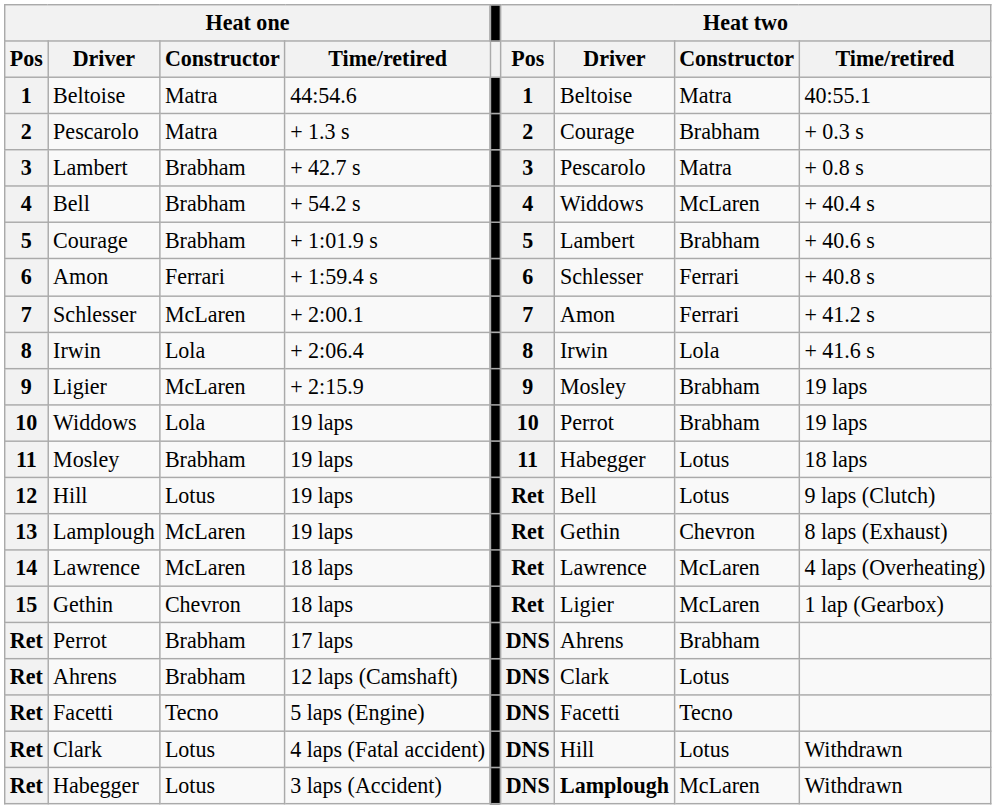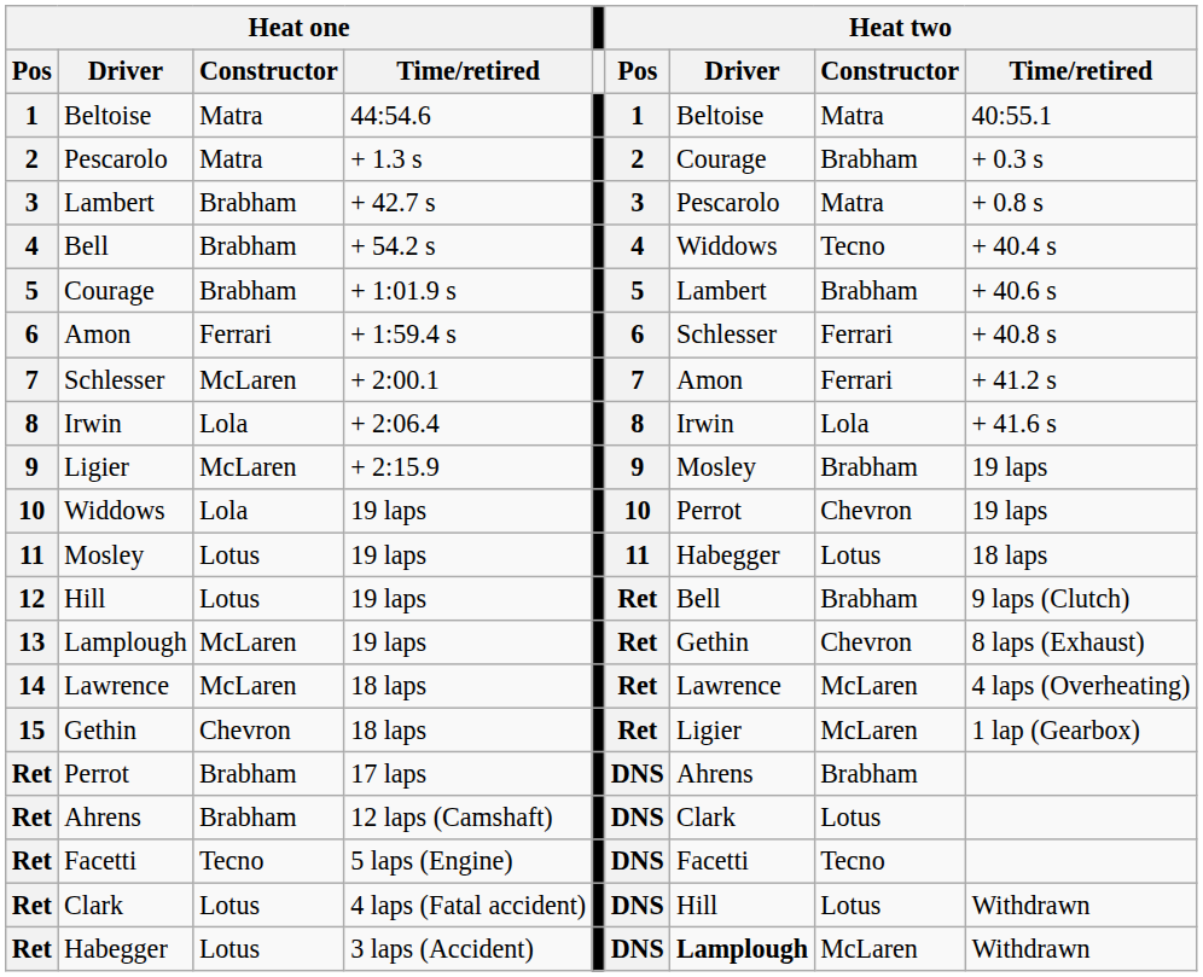 <table class="wikitable" style="font-size: 95%;">
 <tr>
 <th colspan="4"><strong>Heat one</strong></th>
 <td style="background:#000000;"></td>
 <th colspan="4"><strong>Heat two</strong></th>
 </tr>
 <tr>
 <th>Pos</th>
 <th>Driver</th>
 <th>Constructor</th>
 <th>Time/retired</th>
 <th></th>
 <th>Pos</th>
 <th>Driver</th>
 <th>Constructor</th>
 <th>Time/retired</th>
 </tr>
 <tr>
 <th>1</th>
 <td>Beltoise</td>
 <td>Matra</td>
 <td>44:54.6</td>
 <td style="background:#000000;"></td>
 <th>1</th>
 <td>Beltoise</td>
 <td>Matra</td>
 <td>40:55.1</td>
 </tr>
 <tr>
 <th>2</th>
 <td>Pescarolo</td>
 <td>Matra</td>
 <td>+ 1.3 s</td>
 <td style="background:#000000;"></td>
 <th>2</th>
 <td>Courage</td>
 <td>Brabham</td>
 <td>+ 0.3 s</td>
 </tr>
 <tr>
 <th>3</th>
 <td>Lambert</td>
 <td>Brabham</td>
 <td>+ 42.7 s</td>
 <td style="background:#000000;"></td>
 <th>3</th>
 <td>Pescarolo</td>
 <td>Matra</td>
 <td>+ 0.8 s</td>
 </tr>
 <tr>
 <th>4</th>
 <td>Bell</td>
 <td>Brabham</td>
 <td>+ 54.2 s</td>
 <td style="background:#000000;"></td>
 <th>4</th>
 <td>Widdows</td>
-<td>McLaren</td>
+<td>Tecno</td>
 <td>+ 40.4 s</td>
 </tr>
 <tr>
 <th>5</th>
 <td>Courage</td>
 <td>Brabham</td>
 <td>+ 1:01.9 s</td>
 <td style="background:#000000;"></td>
 <th>5</th>
 <td>Lambert</td>
 <td>Brabham</td>
 <td>+ 40.6 s</td>
 </tr>
 <tr>
 <th>6</th>
 <td>Amon</td>
 <td>Ferrari</td>
 <td>+ 1:59.4 s</td>
 <td style="background:#000000;"></td>
 <th>6</th>
 <td>Schlesser</td>
 <td>Ferrari</td>
 <td>+ 40.8 s</td>
 </tr>
 <tr>
 <th>7</th>
 <td>Schlesser</td>
 <td>McLaren</td>
 <td>+ 2:00.1</td>
 <td style="background:#000000;"></td>
 <th>7</th>
 <td>Amon</td>
 <td>Ferrari</td>
 <td>+ 41.2 s</td>
 </tr>
 <tr>
 <th>8</th>
 <td>Irwin</td>
 <td>Lola</td>
 <td>+ 2:06.4</td>
 <td style="background:#000000;"></td>
 <th>8</th>
 <td>Irwin</td>
 <td>Lola</td>
 <td>+ 41.6 s</td>
 </tr>
 <tr>
 <th>9</th>
 <td>Ligier</td>
 <td>McLaren</td>
 <td>+ 2:15.9</td>
 <td style="background:#000000;"></td>
 <th>9</th>
 <td>Mosley</td>
 <td>Brabham</td>
 <td>19 laps</td>
 </tr>
 <tr>
 <th>10</th>
 <td>Widdows</td>
 <td>Lola</td>
 <td>19 laps</td>
 <td style="background:#000000;"></td>
 <th>10</th>
 <td>Perrot</td>
-<td>Brabham</td>
+<td>Chevron</td>
 <td>19 laps</td>
 </tr>
 <tr>
 <th>11</th>
 <td>Mosley</td>
-<td>Brabham</td>
+<td>Lotus</td>
 <td>19 laps</td>
 <td style="background:#000000;"></td>
 <th>11</th>
 <td>Habegger</td>
 <td>Lotus</td>
 <td>18 laps</td>
 </tr>
 <tr>
 <th>12</th>
 <td>Hill</td>
 <td>Lotus</td>
 <td>19 laps</td>
 <td style="background:#000000;"></td>
 <th>Ret</th>
 <td>Bell</td>
-<td>Lotus</td>
+<td>Brabham</td>
 <td>9 laps (Clutch)</td>
 </tr>
 <tr>
 <th>13</th>
 <td>Lamplough</td>
 <td>McLaren</td>
 <td>19 laps</td>
 <td style="background:#000000;"></td>
 <th>Ret</th>
 <td>Gethin</td>
 <td>Chevron</td>
 <td>8 laps (Exhaust)</td>
 </tr>
 <tr>
 <th>14</th>
 <td>Lawrence</td>
 <td>McLaren</td>
 <td>18 laps</td>
 <td style="background:#000000;"></td>
 <th>Ret</th>
 <td>Lawrence</td>
 <td>McLaren</td>
 <td>4 laps (Overheating)</td>
 </tr>
 <tr>
 <th>15</th>
 <td>Gethin</td>
 <td>Chevron</td>
 <td>18 laps</td>
 <td style="background:#000000;"></td>
 <th>Ret</th>
 <td>Ligier</td>
 <td>McLaren</td>
 <td>1 lap (Gearbox)</td>
 </tr>
 <tr>
 <th>Ret</th>
 <td>Perrot</td>
 <td>Brabham</td>
 <td>17 laps</td>
 <td style="background:#000000;"></td>
 <th>DNS</th>
 <td>Ahrens</td>
 <td>Brabham</td>
 <td></td>
 </tr>
 <tr>
 <th>Ret</th>
 <td>Ahrens</td>
 <td>Brabham</td>
 <td>12 laps (Camshaft)</td>
 <td style="background:#000000;"></td>
 <th>DNS</th>
 <td>Clark</td>
 <td>Lotus</td>
 <td></td>
 </tr>
 <tr>
 <th>Ret</th>
 <td>Facetti</td>
 <td>Tecno</td>
 <td>5 laps (Engine)</td>
 <td style="background:#000000;"></td>
 <th>DNS</th>
 <td>Facetti</td>
 <td>Tecno</td>
 <td></td>
 </tr>
 <tr>
 <th>Ret</th>
 <td>Clark</td>
 <td>Lotus</td>
 <td>4 laps (Fatal accident)</td>
 <td style="background:#000000;"></td>
 <th>DNS</th>
 <td>Hill</td>
 <td>Lotus</td>
 <td>Withdrawn</td>
 </tr>
 <tr>
 <th>Ret</th>
 <td>Habegger</td>
 <td>Lotus</td>
 <td>3 laps (Accident)</td>
 <td style="background:#000000;"></td>
 <th>DNS</th>
 <td><strong>Lamplough</strong></td>
 <td>McLaren</td>
 <td>Withdrawn</td>
 </tr>
 </table>
